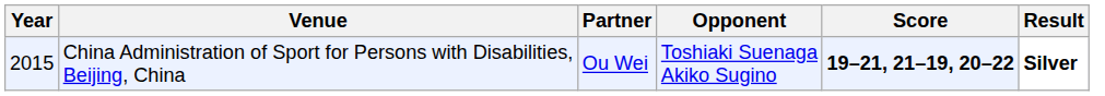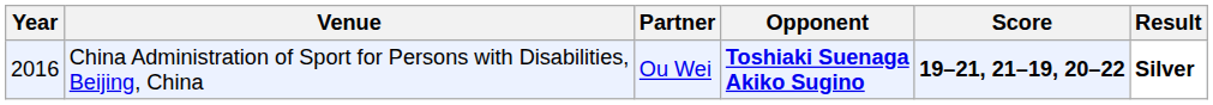 <table class="sortable wikitable" style="font-size: 90%;">
 <tr>
 <th>Year</th>
 <th>Venue</th>
 <th>Partner</th>
 <th>Opponent</th>
 <th>Score</th>
 <th>Result</th>
 </tr>
 <tr style="background:#ECF2FF">
-<td align="center">2015</td>
+<td align="center">2016</td>
 <td align="left">China Administration of Sport for Persons with Disabilities,<br><a href='#'>Beijing</a>, China</td>
 <td align="left"> <a href='#'>Ou Wei</a></td>
-<td align="left"> <a href='#'>Toshiaki Suenaga</a><br> <a href='#'>Akiko Sugino</a></td>
+<td align="left"><strong> <a href='#'>Toshiaki Suenaga</a><br> <a href='#'>Akiko Sugino</a></strong></td>
 <td align="left"><strong>19–21, 21–19, 20–22</strong></td>
 <td style="text-align:left; background:white"> <strong>Silver</strong></td>
 </tr>
 </table>
